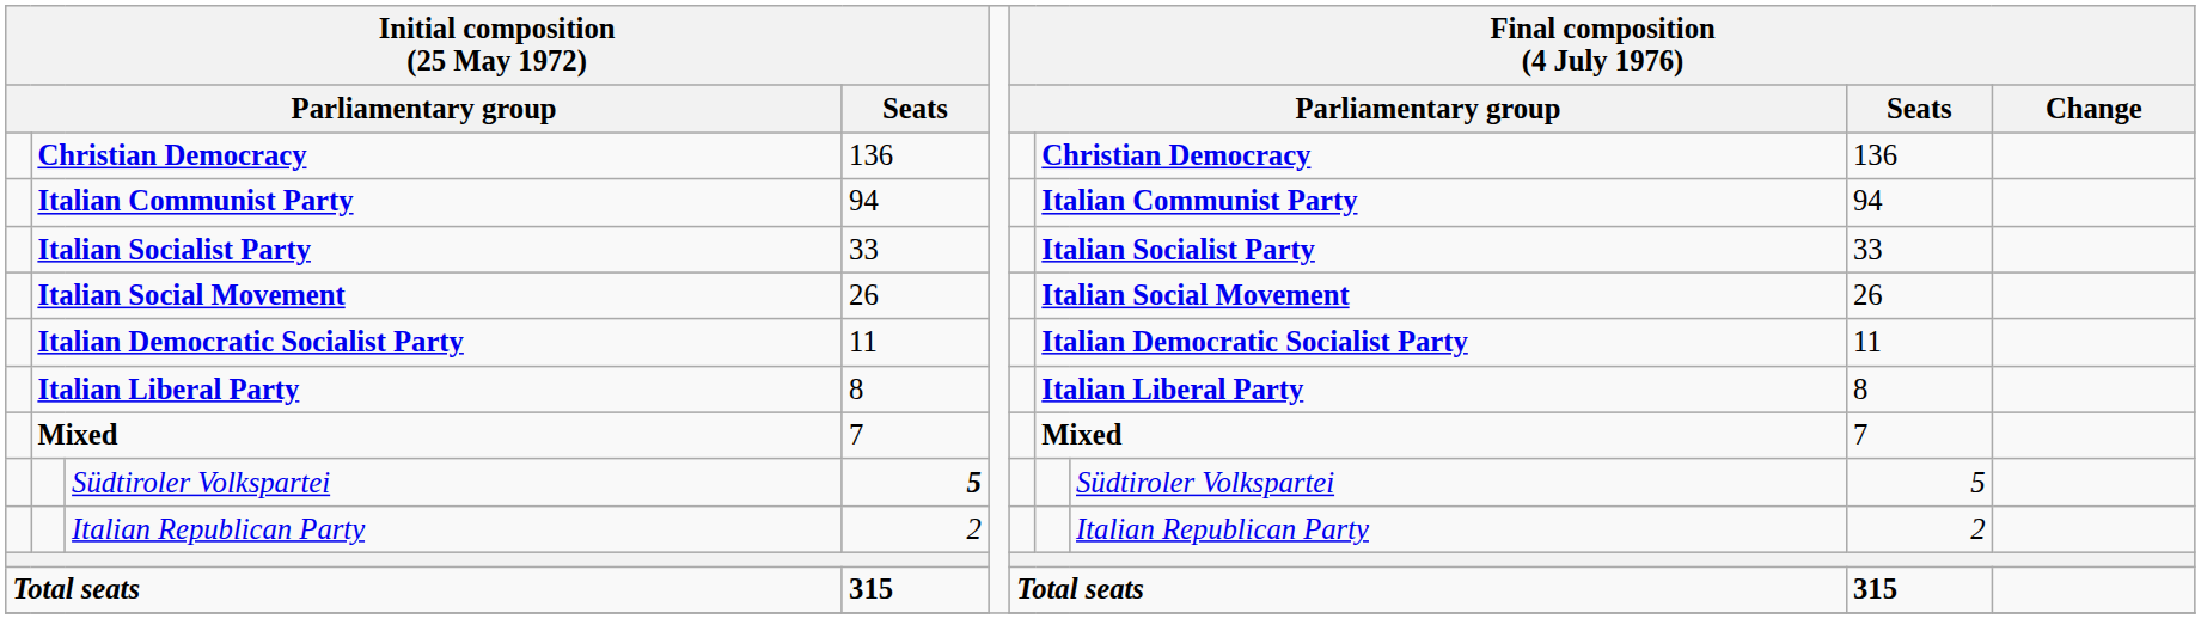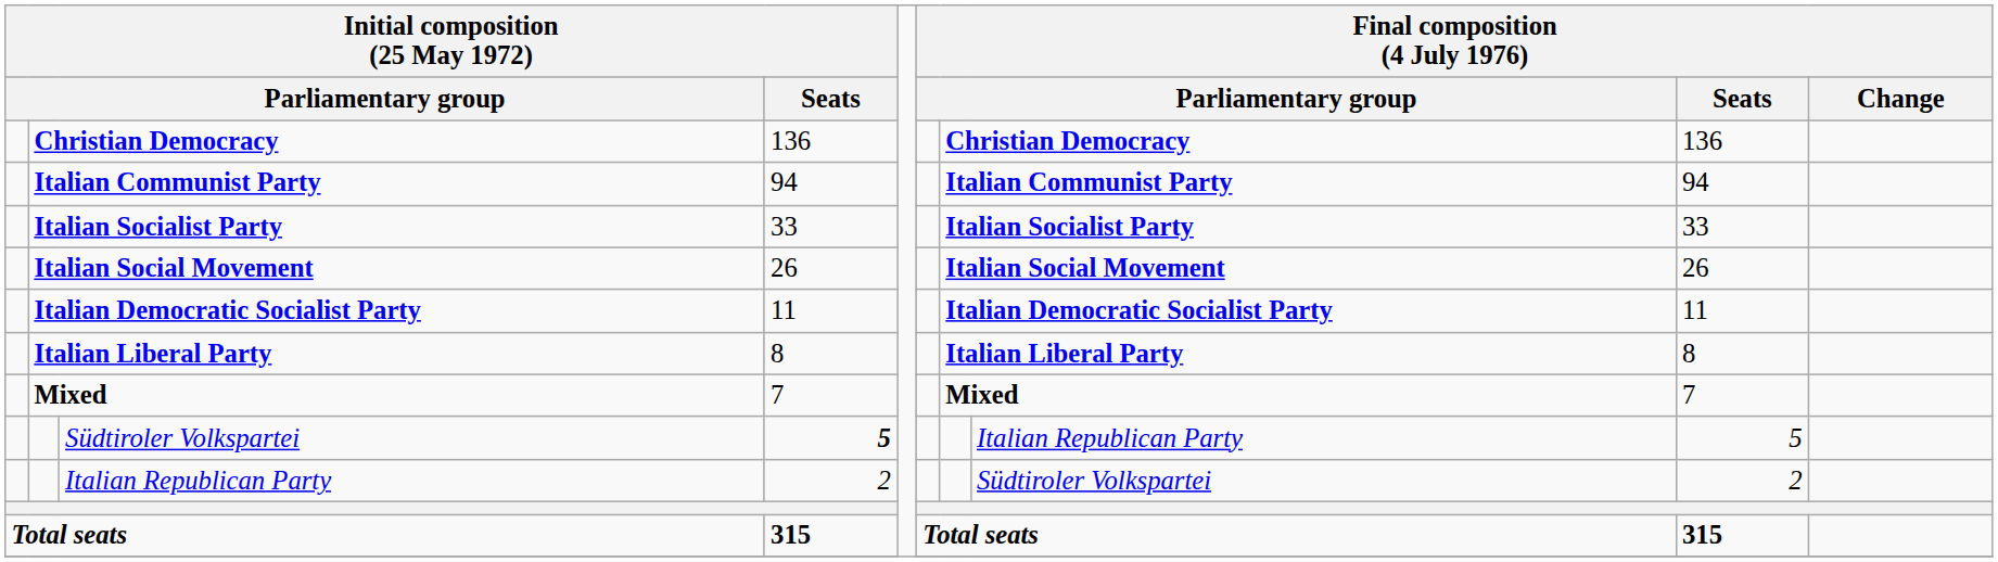 <table class="wikitable" style="width : 60%;">
 <tr>
 <th colspan="4">Initial composition<br>(25 May 1972)</th>
 <td rowspan="30" style="width : 1%;"></td>
 <th colspan="5">Final composition<br>(4 July 1976)</th>
 </tr>
 <tr>
 <th colspan="3">Parliamentary group</th>
 <th>Seats</th>
 <th colspan="3">Parliamentary group</th>
 <th>Seats</th>
 <th>Change</th>
 </tr>
 <tr>
 <td></td>
 <td colspan = "2"><strong><a href='#'>Christian Democracy</a></strong></td>
 <td>136</td>
 <td></td>
 <td colspan = "2"><strong><a href='#'>Christian Democracy</a></strong></td>
 <td>136</td>
 <td></td>
 </tr>
 <tr>
 <td></td>
 <td colspan = "2"><strong><a href='#'>Italian Communist Party</a></strong></td>
 <td>94</td>
 <td></td>
 <td colspan = "2"><strong><a href='#'>Italian Communist Party</a></strong></td>
 <td>94</td>
 <td></td>
 </tr>
 <tr>
 <td></td>
 <td colspan = "2"><strong><a href='#'>Italian Socialist Party</a></strong></td>
 <td>33</td>
 <td></td>
 <td colspan = "2"><strong><a href='#'>Italian Socialist Party</a></strong></td>
 <td>33</td>
 <td></td>
 </tr>
 <tr>
 <td></td>
 <td colspan = "2"><strong><a href='#'>Italian Social Movement</a></strong></td>
 <td>26</td>
 <td></td>
 <td colspan = "2"><strong><a href='#'>Italian Social Movement</a></strong></td>
 <td>26</td>
 <td></td>
 </tr>
 <tr>
 <td></td>
 <td colspan = "2"><strong><a href='#'>Italian Democratic Socialist Party</a></strong></td>
 <td>11</td>
 <td></td>
 <td colspan = "2"><strong><a href='#'>Italian Democratic Socialist Party</a></strong></td>
 <td>11</td>
 <td></td>
 </tr>
 <tr>
 <td></td>
 <td colspan = "2"><strong><a href='#'>Italian Liberal Party</a></strong></td>
 <td>8</td>
 <td></td>
 <td colspan = "2"><strong><a href='#'>Italian Liberal Party</a></strong></td>
 <td>8</td>
 <td></td>
 </tr>
 <tr>
 <td></td>
 <td colspan = "2"><strong>Mixed</strong></td>
 <td>7</td>
 <td></td>
 <td colspan = "2"><strong>Mixed</strong></td>
 <td>7</td>
 <td></td>
 </tr>
 <tr>
 <td></td>
 <td></td>
 <td><em><a href='#'>Südtiroler Volkspartei</a></em></td>
 <td align="right"><strong><em>5</em></strong></td>
 <td></td>
 <td></td>
-<td><em><a href='#'>Südtiroler Volkspartei</a></em></td>
+<td><em><a href='#'>Italian Republican Party</a></em></td>
 <td align="right"><em>5</em></td>
 <td align="right"></td>
 </tr>
 <tr>
 <td></td>
 <td></td>
 <td><em><a href='#'>Italian Republican Party</a></em></td>
 <td align="right"><em>2</em></td>
 <td></td>
 <td></td>
-<td><em><a href='#'>Italian Republican Party</a></em></td>
+<td><em><a href='#'>Südtiroler Volkspartei</a></em></td>
 <td align="right"><em>2</em></td>
 <td align="right"></td>
 </tr>
 <tr>
 <th colspan="4"></th>
 <th colspan="5"></th>
 </tr>
 <tr>
 <td colspan="3"><strong><em>Total seats</em></strong></td>
 <td><strong>315</strong></td>
 <td colspan="3"><strong><em>Total seats</em></strong></td>
 <td><strong>315</strong></td>
 <td></td>
 </tr>
 <tr>
 </tr>
 </table>
